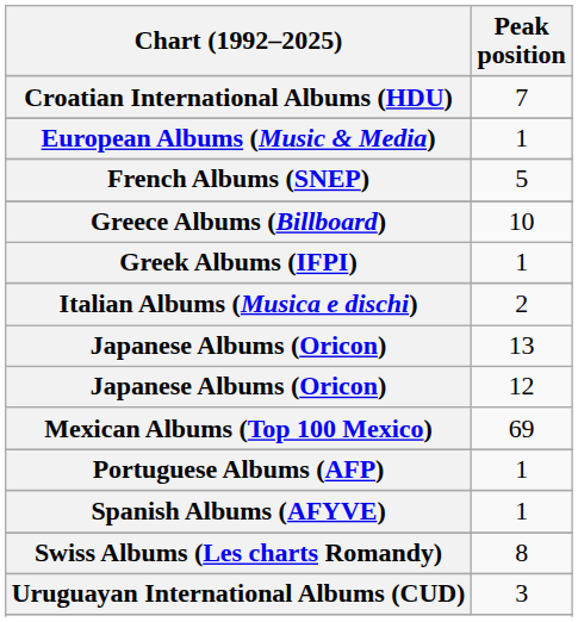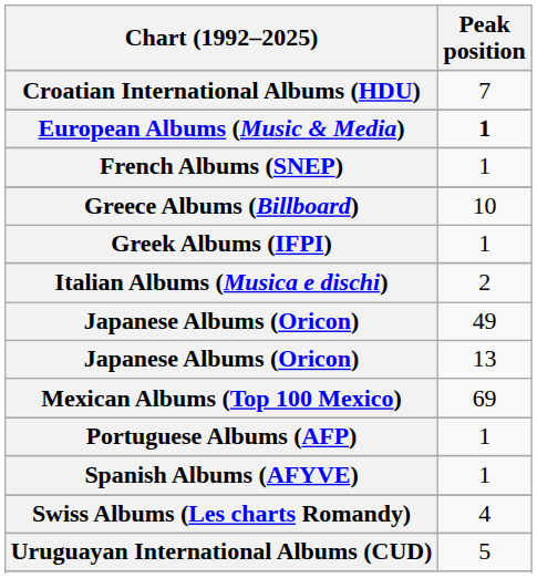 <table class="wikitable sortable plainrowheaders" style="text-align:center">
 <tr>
 <th scope="col">Chart (1992–2025)</th>
 <th scope="col">Peak<br>position</th>
 </tr>
 <tr>
 </tr>
 <tr>
 </tr>
 <tr>
 </tr>
 <tr>
 </tr>
 <tr>
 </tr>
 <tr>
 </tr>
 <tr>
 <th scope="row">Croatian International Albums (<a href='#'>HDU</a>)</th>
 <td>7</td>
 </tr>
 <tr>
 </tr>
 <tr>
 </tr>
 <tr>
 </tr>
 <tr>
 <th scope="row"><a href='#'>European Albums</a> (<em><a href='#'>Music & Media</a></em>)</th>
-<td>1</td>
+<td><strong>1</strong></td>
 </tr>
 <tr>
 </tr>
 <tr>
 <th scope="row">French Albums (<a href='#'>SNEP</a>)</th>
-<td>5</td>
+<td>1</td>
 </tr>
 <tr>
 </tr>
 <tr>
 <th scope="row">Greece Albums (<em><a href='#'>Billboard</a></em>)</th>
 <td>10</td>
 </tr>
 <tr>
 <th scope="row">Greek Albums (<a href='#'>IFPI</a>)</th>
 <td>1</td>
 </tr>
 <tr>
 </tr>
 <tr>
 </tr>
 <tr>
 <th scope="row">Italian Albums (<em><a href='#'>Musica e dischi</a></em>)</th>
 <td>2</td>
 </tr>
 <tr>
 <th scope="row">Japanese Albums (<a href='#'>Oricon</a>)</th>
-<td>13</td>
+<td>49</td>
 </tr>
 <tr>
 <th scope="row">Japanese Albums (<a href='#'>Oricon</a>)<br></th>
-<td>12</td>
+<td>13</td>
 </tr>
 <tr>
 <th scope="row">Mexican Albums (<a href='#'>Top 100 Mexico</a>)</th>
 <td>69</td>
 </tr>
 <tr>
 </tr>
 <tr>
 </tr>
 <tr>
 </tr>
 <tr>
 <th scope="row">Portuguese Albums (<a href='#'>AFP</a>)</th>
 <td style="text-align:center;">1</td>
 </tr>
 <tr>
 </tr>
 <tr>
 <th scope="row">Spanish Albums (<a href='#'>AFYVE</a>)</th>
 <td>1</td>
 </tr>
 <tr>
 </tr>
 <tr>
 </tr>
 <tr>
 <th scope="row">Swiss Albums (<a href='#'>Les charts</a> Romandy)</th>
-<td>8</td>
+<td>4</td>
 </tr>
 <tr>
 </tr>
 <tr>
 <th scope="row">Uruguayan International Albums (CUD)</th>
-<td>3</td>
+<td>5</td>
 </tr>
 <tr>
 </tr>
 <tr>
 </tr>
 <tr>
 </tr>
 </table>
